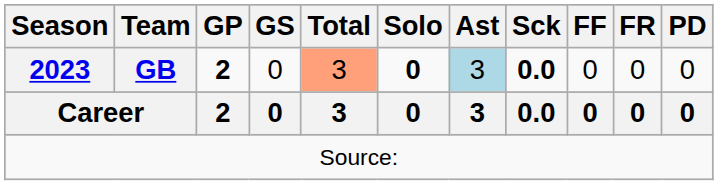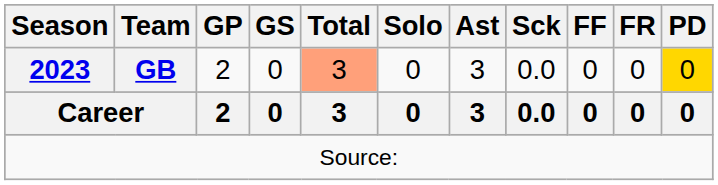 <table class="wikitable" style="text-align:center;">
 <tr>
 <th>Season</th>
 <th>Team</th>
 <th>GP</th>
 <th>GS</th>
 <th>Total</th>
 <th>Solo</th>
 <th>Ast</th>
 <th>Sck</th>
 <th>FF</th>
 <th>FR</th>
 <th>PD</th>
 </tr>
 <tr>
 <th><a href='#'>2023</a></th>
 <th><a href='#'>GB</a></th>
-<td><strong>2</strong></td>
+<td>2</td>
 <td>0</td>
 <td style="background: lightsalmon;">3</td>
-<td><strong>0</strong></td>
-<td style="background: lightblue;">3</td>
-<td><strong>0.0</strong></td>
+<td>0</td>
+<td>3</td>
+<td>0.0</td>
 <td>0</td>
 <td>0</td>
-<td>0</td>
+<td style="background: gold;">0</td>
 </tr>
 <tr>
 <th colspan="2">Career</th>
 <th>2</th>
 <th>0</th>
 <th>3</th>
 <th>0</th>
 <th>3</th>
 <th>0.0</th>
 <th>0</th>
 <th>0</th>
 <th>0</th>
 </tr>
 <tr>
 <td colspan="11"><small>Source: </small></td>
 </tr>
 </table>
